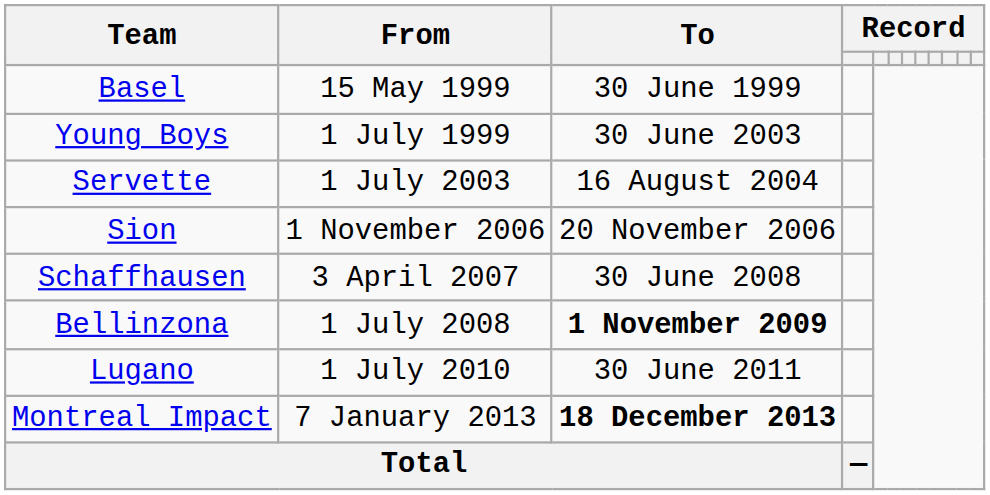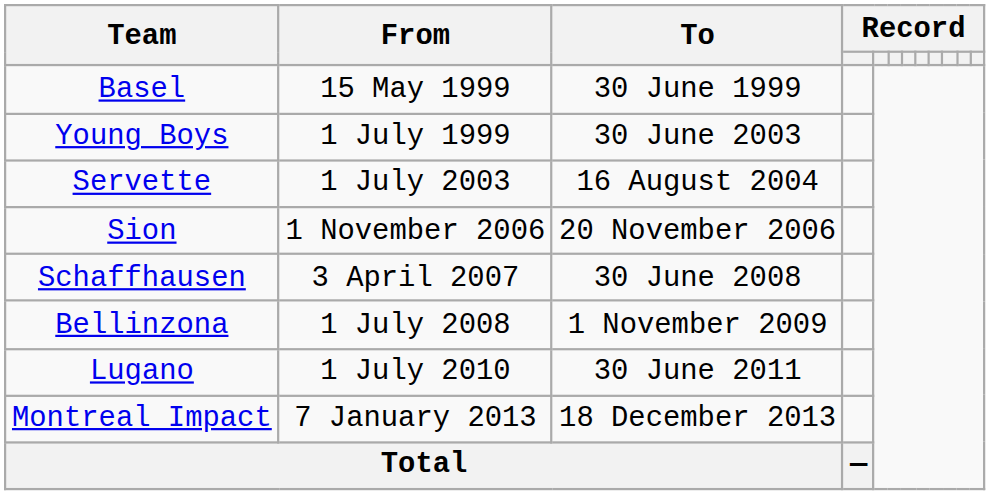 <table class="wikitable" style="text-align: center">
 <tr>
 <th rowspan="2">Team</th>
 <th rowspan="2">From</th>
 <th rowspan="2">To</th>
 <th colspan="9">Record</th>
 </tr>
 <tr>
 <th></th>
 <th></th>
 <th></th>
 <th></th>
 <th></th>
 <th></th>
 <th></th>
 <th></th>
 <th></th>
 </tr>
 <tr>
 <td><a href='#'>Basel</a></td>
 <td>15 May 1999</td>
 <td>30 June 1999<br></td>
 <td></td>
 </tr>
 <tr>
 <td><a href='#'>Young Boys</a></td>
 <td>1 July 1999</td>
 <td>30 June 2003<br></td>
 <td><br></td>
 </tr>
 <tr>
 <td><a href='#'>Servette</a></td>
 <td>1 July 2003</td>
 <td>16 August 2004<br></td>
 <td><br></td>
 </tr>
 <tr>
 <td><a href='#'>Sion</a></td>
 <td>1 November 2006</td>
 <td>20 November 2006<br></td>
 <td></td>
 </tr>
 <tr>
 <td><a href='#'>Schaffhausen</a></td>
 <td>3 April 2007</td>
 <td>30 June 2008<br></td>
 <td><br></td>
 </tr>
 <tr>
 <td><a href='#'>Bellinzona</a></td>
 <td>1 July 2008</td>
-<td><strong>1 November 2009<br></strong></td>
+<td>1 November 2009<br></td>
 <td><br></td>
 </tr>
 <tr>
 <td><a href='#'>Lugano</a></td>
 <td>1 July 2010</td>
 <td>30 June 2011<br></td>
 <td></td>
 </tr>
 <tr>
 <td><a href='#'>Montreal Impact</a></td>
 <td>7 January 2013</td>
-<td><strong>18 December 2013<br></strong></td>
+<td>18 December 2013<br></td>
 <td><br></td>
 </tr>
 <tr>
 <th colspan="3">Total<br></th>
 <th>—</th>
 </tr>
 </table>
